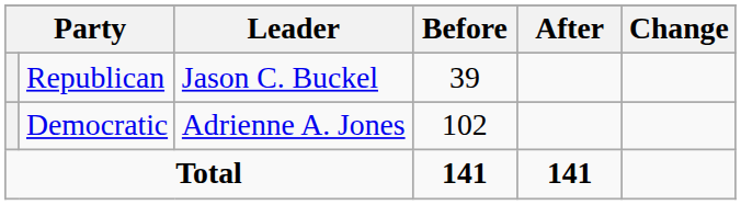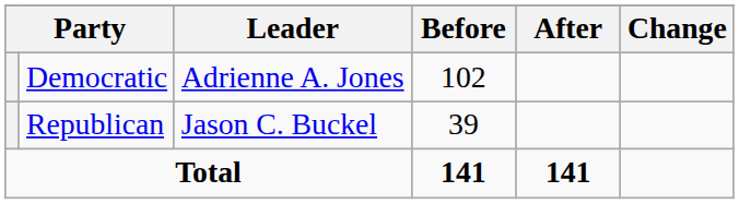 <table class="wikitable" style="text-align:center;">
 <tr>
 </tr>
 <tr>
 <th colspan=2>Party</th>
 <th>Leader</th>
 <th style="width:3em">Before</th>
 <th style="width:3em">After</th>
 <th style="width:3em">Change</th>
 </tr>
 <tr>
 <th style="background-color:"></th>
-<td style="text-align:left;"><a href='#'>Republican</a></td>
-<td style="text-align:left;"><a href='#'>Jason C. Buckel</a></td>
-<td>39</td>
+<td style="text-align:left;"><a href='#'>Democratic</a></td>
+<td style="text-align:left;"><a href='#'>Adrienne A. Jones</a></td>
+<td>102</td>
 <td></td>
 <td></td>
 </tr>
 <tr>
 <th style="background-color:"></th>
-<td style="text-align:left;"><a href='#'>Democratic</a></td>
-<td style="text-align:left;"><a href='#'>Adrienne A. Jones</a></td>
-<td>102</td>
+<td style="text-align:left;"><a href='#'>Republican</a></td>
+<td style="text-align:left;"><a href='#'>Jason C. Buckel</a></td>
+<td>39</td>
 <td></td>
 <td></td>
 </tr>
 <tr>
 <td colspan=3><strong>Total</strong></td>
 <td><strong>141</strong></td>
 <td><strong>141</strong></td>
 <td></td>
 </tr>
 </table>
